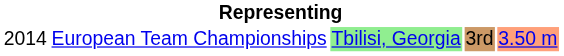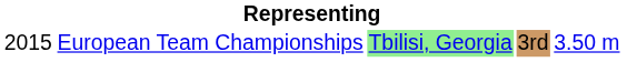 <table>
 <tr>
 <th colspan="6">Representing </th>
 </tr>
 <tr>
-<td>2014</td>
+<td>2015</td>
 <td><a href='#'>European Team Championships</a></td>
 <td style="background: lightgreen;"><a href='#'>Tbilisi, Georgia</a></td>
 <td style="background:#cc9966">3rd</td>
-<td style="background: lightsalmon;"><a href='#'>3.50 m</a></td>
+<td><a href='#'>3.50 m</a></td>
 </tr>
 <tr>
 </tr>
 </table>
